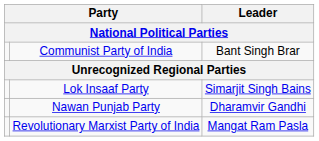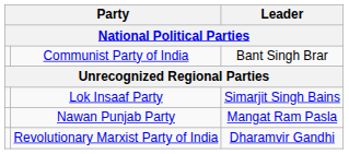 <table class="wikitable" style="text-align:center">
 <tr>
 <th colspan=2>Party</th>
 <th>Leader</th>
 </tr>
 <tr>
 <th colspan=3><a href='#'>National Political Parties</a></th>
 </tr>
 <tr>
 <td></td>
 <td><a href='#'>Communist Party of India</a></td>
 <td>Bant Singh Brar</td>
 </tr>
 <tr>
 <th colspan=3>Unrecognized Regional Parties</th>
 </tr>
 <tr>
 <td></td>
 <td><a href='#'>Lok Insaaf Party</a></td>
 <td><a href='#'>Simarjit Singh Bains</a></td>
 </tr>
 <tr>
 <td></td>
 <td><a href='#'>Nawan Punjab Party</a></td>
-<td><a href='#'>Dharamvir Gandhi</a></td>
+<td><a href='#'>Mangat Ram Pasla</a></td>
 </tr>
 <tr>
 <td></td>
 <td><a href='#'>Revolutionary Marxist Party of India</a></td>
-<td><a href='#'>Mangat Ram Pasla</a></td>
+<td><a href='#'>Dharamvir Gandhi</a></td>
 </tr>
 </table>
